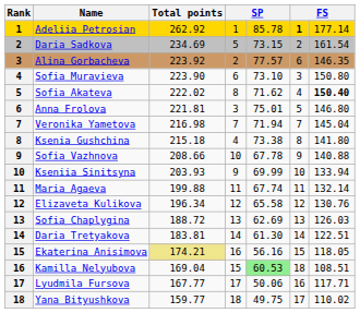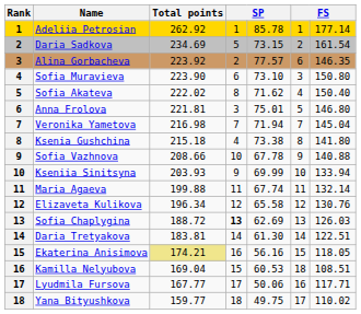 <table class="wikitable sortable">
 <tr>
 <th>Rank</th>
 <th>Name</th>
 <th>Total points</th>
 <th colspan="2" width="80px"><a href='#'>SP</a></th>
 <th colspan="2" width="80px"><a href='#'>FS</a></th>
 </tr>
 <tr bgcolor="gold">
 <td align="center"><strong>1</strong></td>
 <td><a href='#'>Adeliia Petrosian</a></td>
 <td align="center">262.92</td>
 <td align="center">1</td>
 <td align="center">85.78</td>
-<td align="center"><strong>1</strong></td>
+<td align="center">1</td>
 <td align="center">177.14</td>
 </tr>
 <tr bgcolor="silver">
 <td align="center"><strong>2</strong></td>
 <td><a href='#'>Daria Sadkova</a></td>
 <td align="center">234.69</td>
 <td align="center">5</td>
 <td align="center">73.15</td>
 <td align="center">2</td>
 <td align="center">161.54</td>
 </tr>
 <tr bgcolor="cc9966">
 <td align="center"><strong>3</strong></td>
 <td><a href='#'>Alina Gorbacheva</a></td>
 <td align="center">223.92</td>
 <td align="center">2</td>
 <td align="center">77.57</td>
 <td align="center">6</td>
 <td align="center">146.35</td>
 </tr>
 <tr>
 <th>4</th>
 <td><a href='#'>Sofia Muravieva</a></td>
 <td align="center">223.90</td>
 <td align="center">6</td>
 <td align="center">73.10</td>
 <td align="center">3</td>
 <td align="center">150.80</td>
 </tr>
 <tr>
 <th>5</th>
 <td><a href='#'>Sofia Akateva</a></td>
 <td align="center">222.02</td>
 <td align="center">8</td>
 <td align="center">71.62</td>
 <td align="center">4</td>
-<td align="center"><strong>150.40</strong></td>
+<td align="center">150.40</td>
 </tr>
 <tr>
 <th>6</th>
 <td><a href='#'>Anna Frolova</a></td>
 <td align="center">221.81</td>
 <td align="center">3</td>
 <td align="center">75.01</td>
 <td align="center">5</td>
 <td align="center">146.80</td>
 </tr>
 <tr>
 <th>7</th>
 <td><a href='#'>Veronika Yametova</a></td>
 <td align="center">216.98</td>
 <td align="center">7</td>
 <td align="center">71.94</td>
 <td align="center">7</td>
 <td align="center">145.04</td>
 </tr>
 <tr>
 <th>8</th>
 <td><a href='#'>Ksenia Gushchina</a></td>
 <td align="center">215.18</td>
 <td align="center">4</td>
 <td align="center">73.38</td>
 <td align="center">8</td>
 <td align="center">141.80</td>
 </tr>
 <tr>
 <th>9</th>
 <td><a href='#'>Sofia Vazhnova</a></td>
 <td align="center">208.66</td>
 <td align="center">10</td>
 <td align="center">67.78</td>
 <td align="center">9</td>
 <td align="center">140.88</td>
 </tr>
 <tr>
 <th>10</th>
 <td><a href='#'>Kseniia Sinitsyna</a></td>
 <td align="center">203.93</td>
 <td align="center">9</td>
 <td align="center">69.99</td>
 <td align="center">10</td>
 <td align="center">133.94</td>
 </tr>
 <tr>
 <th>11</th>
 <td><a href='#'>Maria Agaeva</a></td>
 <td align="center">199.88</td>
 <td align="center">11</td>
 <td align="center">67.74</td>
 <td align="center">11</td>
 <td align="center">132.14</td>
 </tr>
 <tr>
 <th>12</th>
 <td><a href='#'>Elizaveta Kulikova</a></td>
 <td align="center">196.34</td>
 <td align="center">12</td>
 <td align="center">65.58</td>
 <td align="center">12</td>
 <td align="center">130.76</td>
 </tr>
 <tr>
 <th>13</th>
 <td><a href='#'>Sofia Chaplygina</a></td>
 <td align="center">188.72</td>
-<td align="center">13</td>
+<td align="center"><strong>13</strong></td>
 <td align="center">62.69</td>
 <td align="center">13</td>
 <td align="center">126.03</td>
 </tr>
 <tr>
 <th>14</th>
 <td><a href='#'>Daria Tretyakova</a></td>
 <td align="center">183.81</td>
 <td align="center">14</td>
 <td align="center">61.30</td>
 <td align="center">14</td>
 <td align="center">122.51</td>
 </tr>
 <tr>
 <th>15</th>
 <td><a href='#'>Ekaterina Anisimova</a></td>
 <td align="center" style="background: khaki;">174.21</td>
 <td align="center">16</td>
 <td align="center">56.16</td>
 <td align="center">15</td>
 <td align="center">118.05</td>
 </tr>
 <tr>
 <th>16</th>
 <td><a href='#'>Kamilla Nelyubova</a></td>
 <td align="center">169.04</td>
 <td align="center">15</td>
-<td align="center" style="background: lightgreen;">60.53</td>
+<td align="center">60.53</td>
 <td align="center">18</td>
 <td align="center">108.51</td>
 </tr>
 <tr>
 <th>17</th>
 <td><a href='#'>Lyudmila Fursova</a></td>
 <td align="center">167.77</td>
 <td align="center">17</td>
 <td align="center">50.06</td>
 <td align="center">16</td>
 <td align="center">117.71</td>
 </tr>
 <tr>
 <th>18</th>
 <td><a href='#'>Yana Bityushkova</a></td>
 <td align="center">159.77</td>
 <td align="center">18</td>
 <td align="center">49.75</td>
 <td align="center">17</td>
 <td align="center">110.02</td>
 </tr>
 </table>
